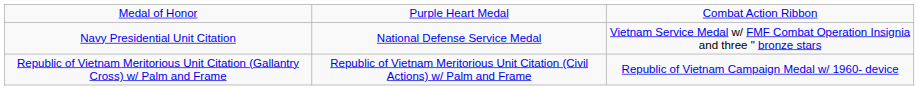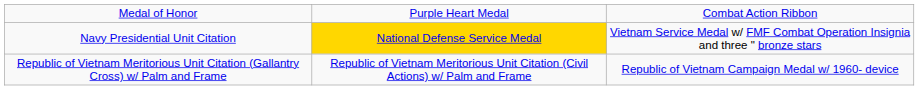 <table class="wikitable" style="margin:1em auto; text-align:center;">
 <tr>
 <td><a href='#'>Medal of Honor</a></td>
 <td><a href='#'>Purple Heart Medal</a></td>
 <td><a href='#'>Combat Action Ribbon</a></td>
 </tr>
 <tr>
 <td><a href='#'>Navy Presidential Unit Citation</a></td>
-<td><a href='#'>National Defense Service Medal</a></td>
+<td style="background: gold;"><a href='#'>National Defense Service Medal</a></td>
 <td><a href='#'>Vietnam Service Medal</a> w/ <a href='#'>FMF Combat Operation Insignia</a> and three " <a href='#'>bronze stars</a></td>
 </tr>
 <tr>
 <td><a href='#'>Republic of Vietnam Meritorious Unit Citation (Gallantry Cross) w/ Palm and Frame</a></td>
 <td><a href='#'>Republic of Vietnam Meritorious Unit Citation (Civil Actions) w/ Palm and Frame</a></td>
 <td><a href='#'>Republic of Vietnam Campaign Medal w/ 1960- device</a></td>
 </tr>
 </table>
